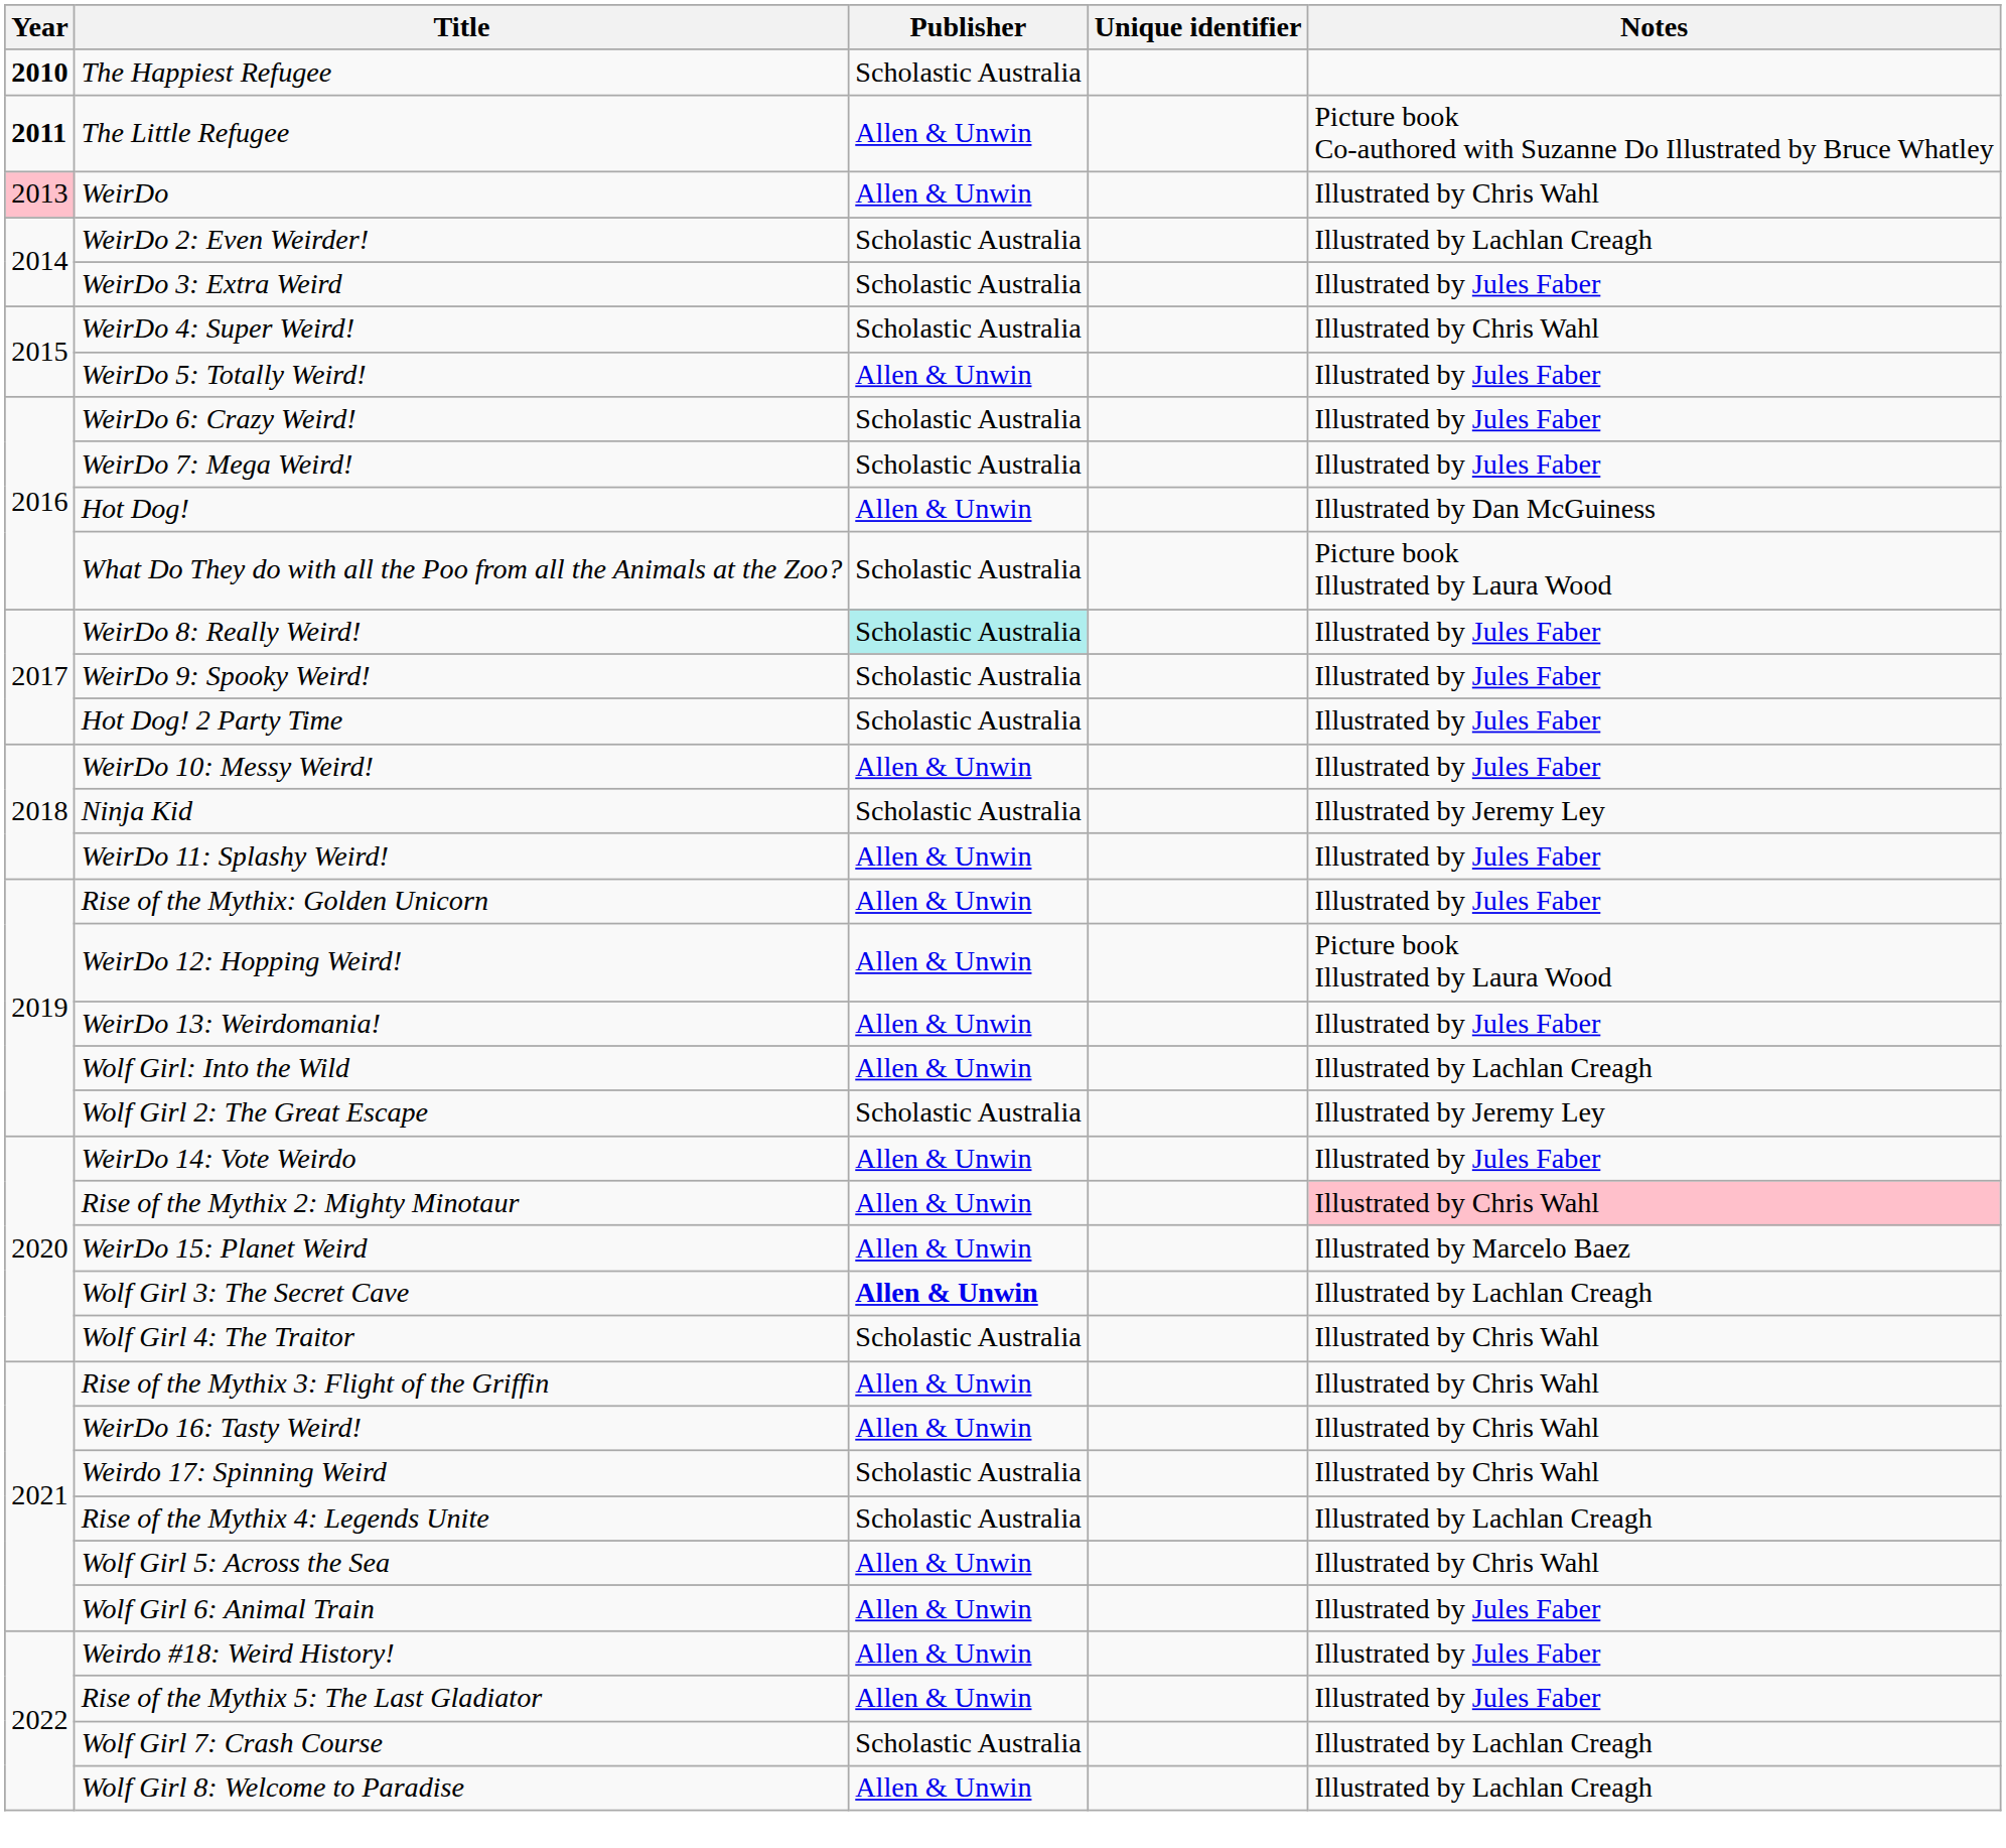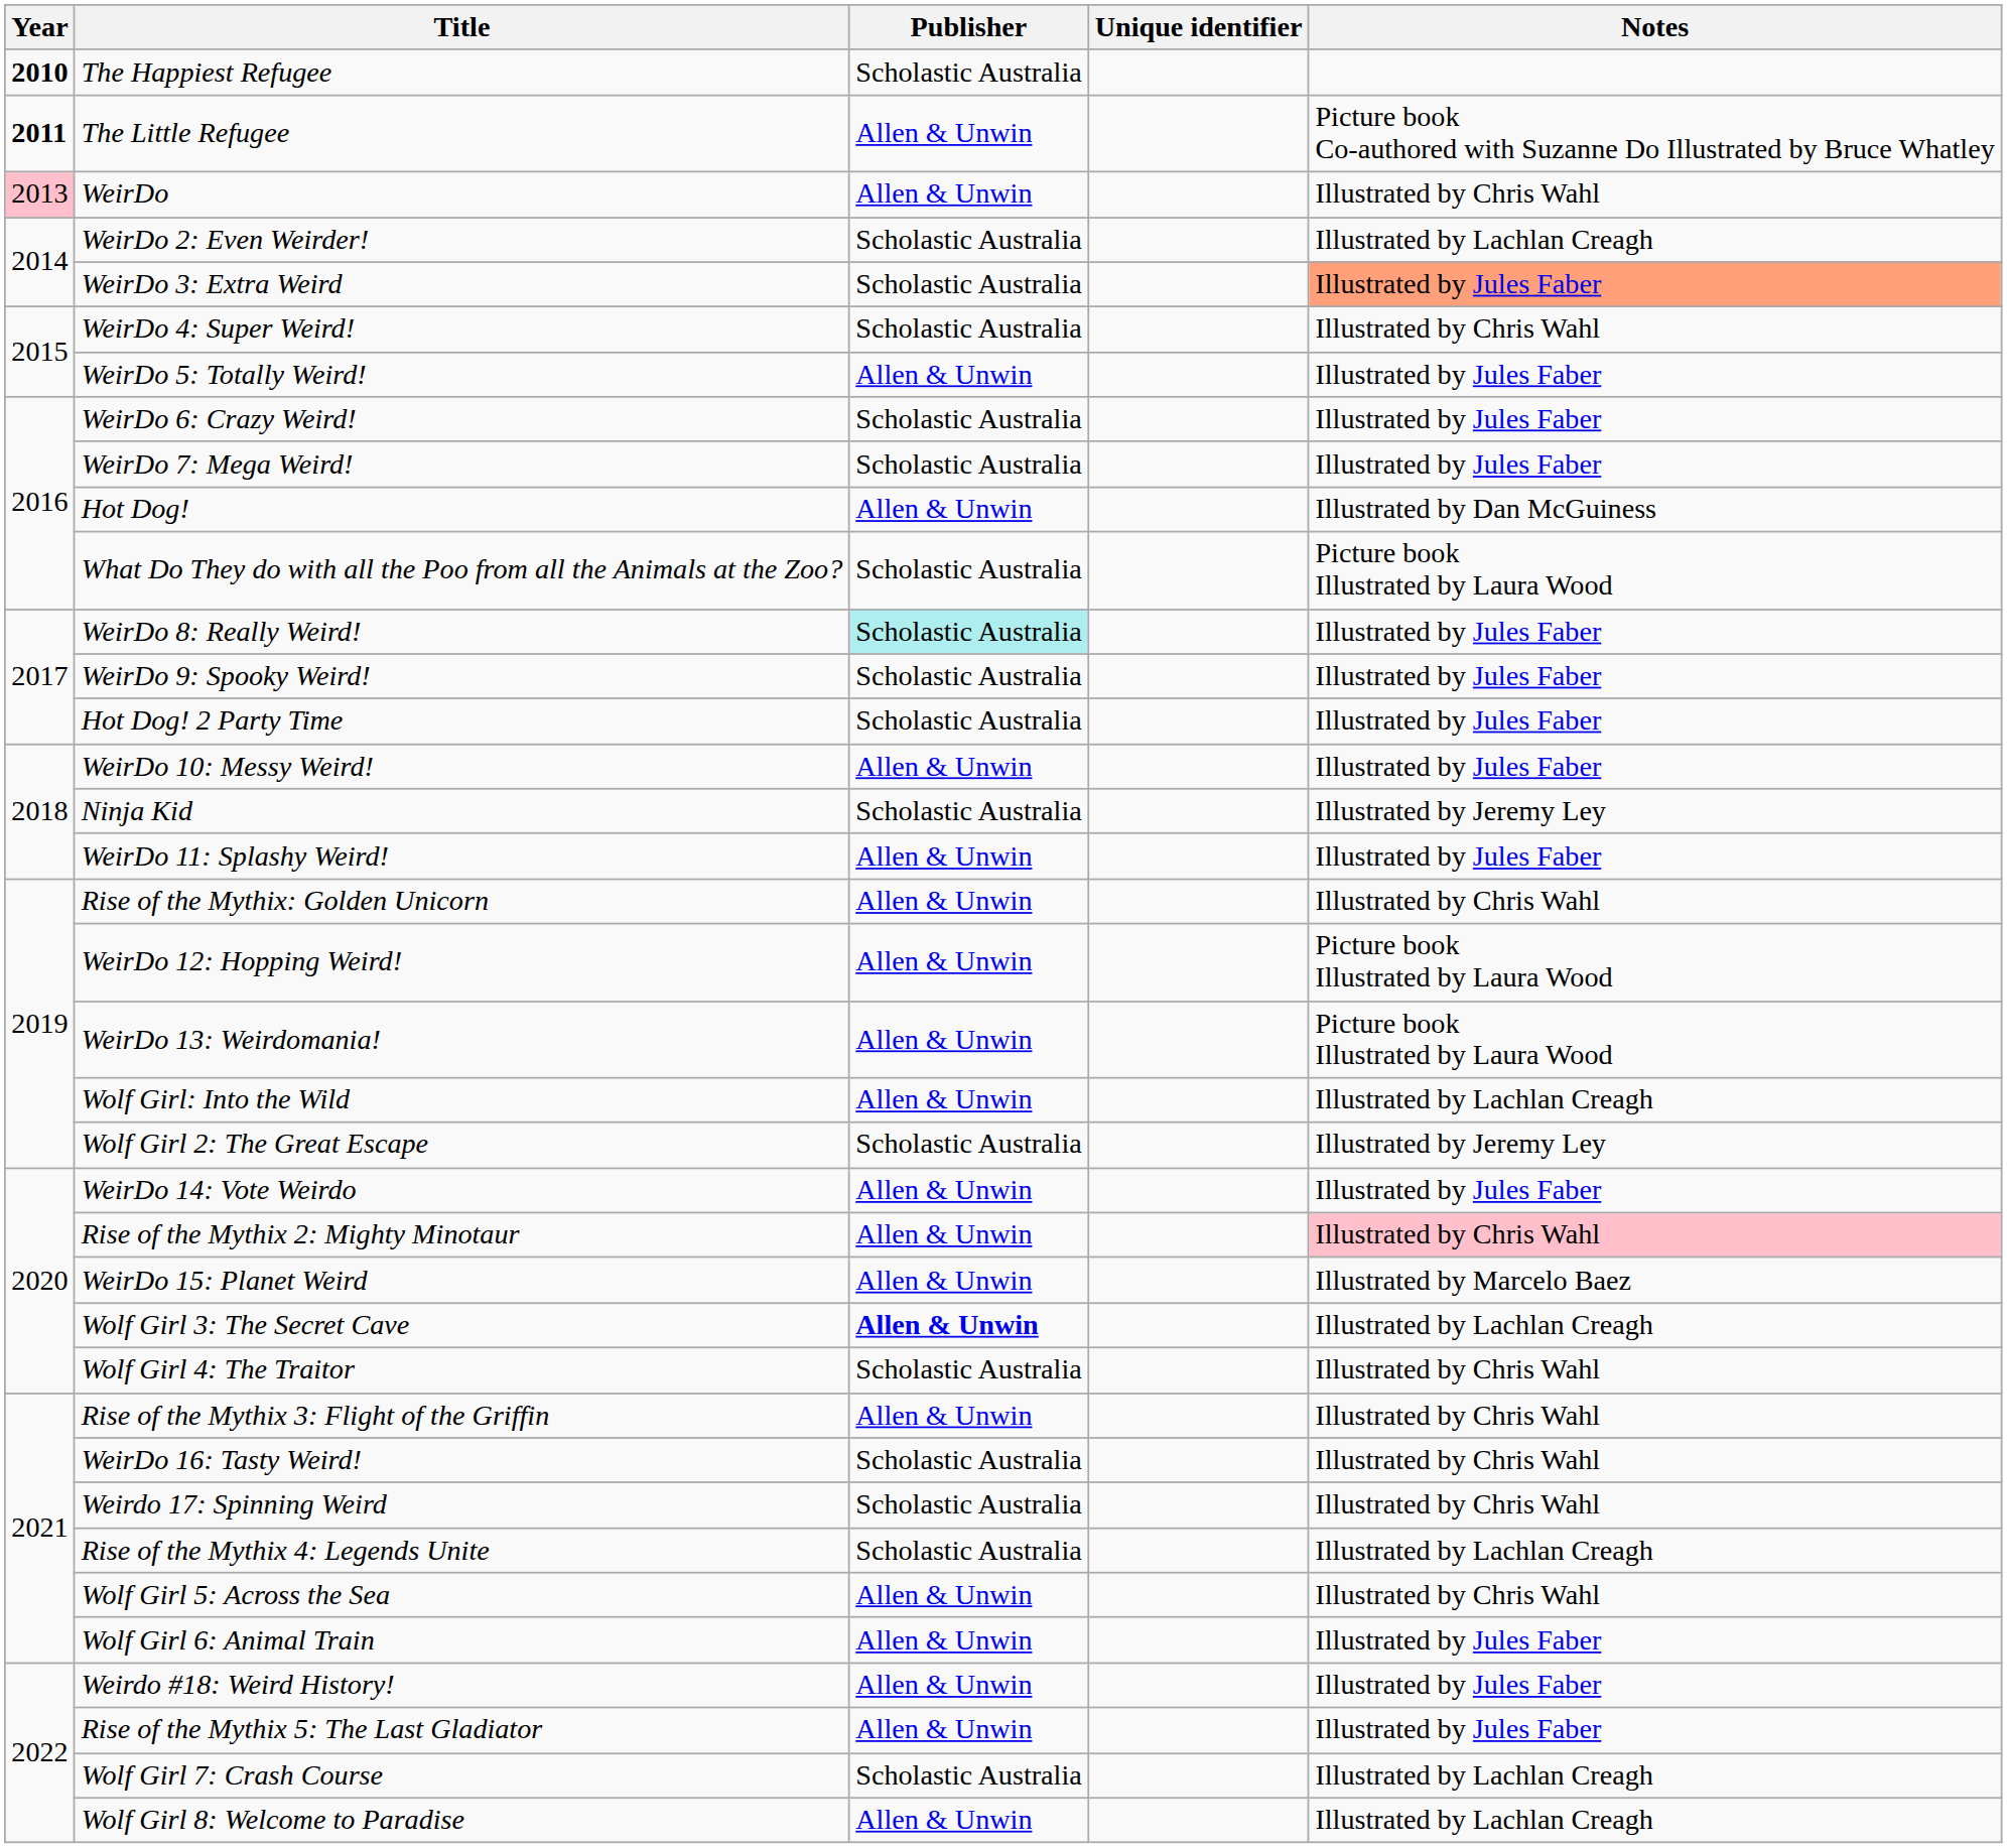 <table class="wikitable sortable">
 <tr>
 <th>Year</th>
 <th>Title</th>
 <th>Publisher</th>
 <th>Unique identifier</th>
 <th>Notes</th>
 </tr>
 <tr>
 <td><strong>2010</strong></td>
 <td><em>The Happiest Refugee</em></td>
 <td>Scholastic Australia</td>
 <td></td>
 <td></td>
 </tr>
 <tr>
 <td><strong>2011</strong></td>
 <td><em>The Little Refugee </em></td>
 <td><a href='#'>Allen & Unwin</a></td>
 <td></td>
 <td>Picture book<br>Co-authored with Suzanne Do Illustrated by Bruce Whatley</td>
 </tr>
 <tr>
 <td style="background: pink;">2013</td>
 <td><em>WeirDo</em></td>
 <td><a href='#'>Allen & Unwin</a></td>
 <td></td>
 <td>Illustrated by Chris Wahl</td>
 </tr>
 <tr>
 <td rowspan="2">2014</td>
 <td><em>WeirDo 2: Even Weirder!</em></td>
 <td>Scholastic Australia</td>
 <td></td>
 <td>Illustrated by Lachlan Creagh</td>
 </tr>
 <tr>
 <td><em>WeirDo 3: Extra Weird</em></td>
 <td>Scholastic Australia</td>
 <td></td>
-<td>Illustrated by <a href='#'>Jules Faber</a></td>
+<td style="background: lightsalmon;">Illustrated by <a href='#'>Jules Faber</a></td>
 </tr>
 <tr>
 <td rowspan="2">2015</td>
 <td><em>WeirDo 4: Super Weird!</em></td>
 <td>Scholastic Australia</td>
 <td></td>
 <td>Illustrated by Chris Wahl</td>
 </tr>
 <tr>
 <td><em>WeirDo 5: Totally Weird!</em></td>
 <td><a href='#'>Allen & Unwin</a></td>
 <td></td>
 <td>Illustrated by <a href='#'>Jules Faber</a></td>
 </tr>
 <tr>
 <td rowspan="4">2016</td>
 <td><em>WeirDo 6: Crazy Weird!</em></td>
 <td>Scholastic Australia</td>
 <td></td>
 <td>Illustrated by <a href='#'>Jules Faber</a></td>
 </tr>
 <tr>
 <td><em>WeirDo 7: Mega Weird!</em></td>
 <td>Scholastic Australia</td>
 <td></td>
 <td>Illustrated by <a href='#'>Jules Faber</a></td>
 </tr>
 <tr>
 <td><em>Hot Dog!</em></td>
 <td><a href='#'>Allen & Unwin</a></td>
 <td></td>
 <td>Illustrated by Dan McGuiness</td>
 </tr>
 <tr>
 <td><em>What Do They do with all the Poo from all the Animals at the Zoo?</em></td>
 <td>Scholastic Australia</td>
 <td></td>
 <td>Picture book<br>Illustrated by Laura Wood</td>
 </tr>
 <tr>
 <td rowspan="3">2017</td>
 <td><em>WeirDo 8: Really Weird!</em></td>
 <td style="background: paleturquoise;">Scholastic Australia</td>
 <td></td>
 <td>Illustrated by <a href='#'>Jules Faber</a></td>
 </tr>
 <tr>
 <td><em>WeirDo 9: Spooky Weird!</em></td>
 <td>Scholastic Australia</td>
 <td></td>
 <td>Illustrated by <a href='#'>Jules Faber</a></td>
 </tr>
 <tr>
 <td><em>Hot Dog! 2 Party Time</em></td>
 <td>Scholastic Australia</td>
 <td></td>
 <td>Illustrated by <a href='#'>Jules Faber</a></td>
 </tr>
 <tr>
 <td rowspan="3">2018</td>
 <td><em>WeirDo 10: Messy Weird!</em></td>
 <td><a href='#'>Allen & Unwin</a></td>
 <td></td>
 <td>Illustrated by <a href='#'>Jules Faber</a></td>
 </tr>
 <tr>
 <td><em>Ninja Kid</em></td>
 <td>Scholastic Australia</td>
 <td></td>
 <td>Illustrated by Jeremy Ley</td>
 </tr>
 <tr>
 <td><em>WeirDo 11: Splashy Weird!</em></td>
 <td><a href='#'>Allen & Unwin</a></td>
 <td></td>
 <td>Illustrated by <a href='#'>Jules Faber</a></td>
 </tr>
 <tr>
 <td rowspan="5">2019</td>
 <td><em>Rise of the Mythix: Golden Unicorn</em></td>
 <td><a href='#'>Allen & Unwin</a></td>
 <td></td>
-<td>Illustrated by <a href='#'>Jules Faber</a></td>
+<td>Illustrated by Chris Wahl</td>
 </tr>
 <tr>
 <td><em>WeirDo 12: Hopping Weird!</em></td>
 <td><a href='#'>Allen & Unwin</a></td>
 <td></td>
 <td>Picture book<br>Illustrated by Laura Wood</td>
 </tr>
 <tr>
 <td><em>WeirDo 13: Weirdomania!</em></td>
 <td><a href='#'>Allen & Unwin</a></td>
 <td></td>
-<td>Illustrated by <a href='#'>Jules Faber</a></td>
+<td>Picture book<br>Illustrated by Laura Wood</td>
 </tr>
 <tr>
 <td><em>Wolf Girl: Into the Wild</em></td>
 <td><a href='#'>Allen & Unwin</a></td>
 <td></td>
 <td>Illustrated by Lachlan Creagh</td>
 </tr>
 <tr>
 <td><em>Wolf Girl 2: The Great Escape</em></td>
 <td>Scholastic Australia</td>
 <td></td>
 <td>Illustrated by Jeremy Ley</td>
 </tr>
 <tr>
 <td rowspan="5">2020</td>
 <td><em>WeirDo 14: Vote Weirdo</em></td>
 <td><a href='#'>Allen & Unwin</a></td>
 <td></td>
 <td>Illustrated by <a href='#'>Jules Faber</a></td>
 </tr>
 <tr>
 <td><em>Rise of the Mythix 2: Mighty Minotaur</em></td>
 <td><a href='#'>Allen & Unwin</a></td>
 <td></td>
 <td style="background: pink;">Illustrated by Chris Wahl</td>
 </tr>
 <tr>
 <td><em>WeirDo 15: Planet Weird</em></td>
 <td><a href='#'>Allen & Unwin</a></td>
 <td></td>
 <td>Illustrated by Marcelo Baez</td>
 </tr>
 <tr>
 <td><em>Wolf Girl 3: The Secret Cave</em></td>
 <td><strong><a href='#'>Allen & Unwin</a></strong></td>
 <td></td>
 <td>Illustrated by Lachlan Creagh</td>
 </tr>
 <tr>
 <td><em>Wolf Girl 4: The Traitor</em></td>
 <td>Scholastic Australia</td>
 <td></td>
 <td>Illustrated by Chris Wahl</td>
 </tr>
 <tr>
 <td rowspan="6">2021</td>
 <td><em>Rise of the Mythix 3: Flight of the Griffin</em></td>
 <td><a href='#'>Allen & Unwin</a></td>
 <td></td>
 <td>Illustrated by Chris Wahl</td>
 </tr>
 <tr>
 <td><em>WeirDo 16: Tasty Weird!</em></td>
-<td><a href='#'>Allen & Unwin</a></td>
+<td>Scholastic Australia</td>
 <td></td>
 <td>Illustrated by Chris Wahl</td>
 </tr>
 <tr>
 <td><em>Weirdo 17: Spinning Weird</em></td>
 <td>Scholastic Australia</td>
 <td></td>
 <td>Illustrated by Chris Wahl</td>
 </tr>
 <tr>
 <td><em>Rise of the Mythix 4: Legends Unite</em></td>
 <td>Scholastic Australia</td>
 <td></td>
 <td>Illustrated by Lachlan Creagh</td>
 </tr>
 <tr>
 <td><em>Wolf Girl 5: Across the Sea</em></td>
 <td><a href='#'>Allen & Unwin</a></td>
 <td></td>
 <td>Illustrated by Chris Wahl</td>
 </tr>
 <tr>
 <td><em>Wolf Girl 6: Animal Train</em></td>
 <td><a href='#'>Allen & Unwin</a></td>
 <td></td>
 <td>Illustrated by <a href='#'>Jules Faber</a></td>
 </tr>
 <tr>
 <td rowspan="4">2022</td>
 <td><em>Weirdo #18: Weird History!</em></td>
 <td><a href='#'>Allen & Unwin</a></td>
 <td></td>
 <td>Illustrated by <a href='#'>Jules Faber</a></td>
 </tr>
 <tr>
 <td><em>Rise of the Mythix 5: The Last Gladiator</em></td>
 <td><a href='#'>Allen & Unwin</a></td>
 <td></td>
 <td>Illustrated by <a href='#'>Jules Faber</a></td>
 </tr>
 <tr>
 <td><em>Wolf Girl 7: Crash Course</em></td>
 <td>Scholastic Australia</td>
 <td></td>
 <td>Illustrated by Lachlan Creagh</td>
 </tr>
 <tr>
 <td><em>Wolf Girl 8: Welcome to Paradise</em></td>
 <td><a href='#'>Allen & Unwin</a></td>
 <td></td>
 <td>Illustrated by Lachlan Creagh</td>
 </tr>
 </table>
